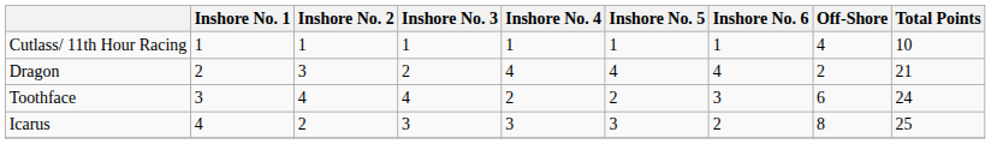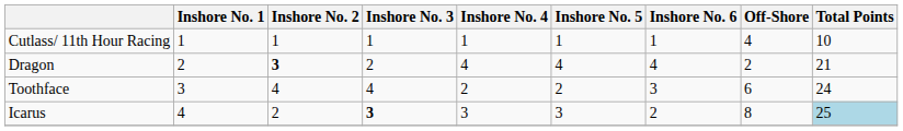 <table class="wikitable">
 <tr>
 <th></th>
 <th>Inshore No. 1</th>
 <th>Inshore No. 2</th>
 <th>Inshore No. 3</th>
 <th>Inshore No. 4</th>
 <th>Inshore No. 5</th>
 <th>Inshore No. 6</th>
 <th>Off-Shore</th>
 <th>Total Points</th>
 </tr>
 <tr>
 <td>Cutlass/ 11th Hour Racing</td>
 <td>1</td>
 <td>1</td>
 <td>1</td>
 <td>1</td>
 <td>1</td>
 <td>1</td>
 <td>4</td>
 <td>10</td>
 </tr>
 <tr>
 <td>Dragon</td>
 <td>2</td>
-<td>3</td>
+<td><strong>3</strong></td>
 <td>2</td>
 <td>4</td>
 <td>4</td>
 <td>4</td>
 <td>2</td>
 <td>21</td>
 </tr>
 <tr>
 <td>Toothface</td>
 <td>3</td>
 <td>4</td>
 <td>4</td>
 <td>2</td>
 <td>2</td>
 <td>3</td>
 <td>6</td>
 <td>24</td>
 </tr>
 <tr>
 <td>Icarus</td>
 <td>4</td>
 <td>2</td>
-<td>3</td>
+<td><strong>3</strong></td>
 <td>3</td>
 <td>3</td>
 <td>2</td>
 <td>8</td>
-<td>25</td>
+<td style="background: lightblue;">25</td>
 </tr>
 <tr>
 </tr>
 </table>
